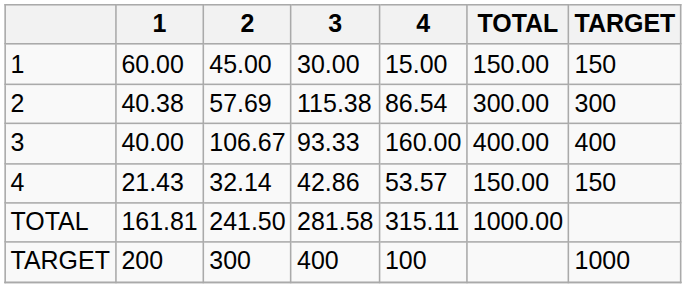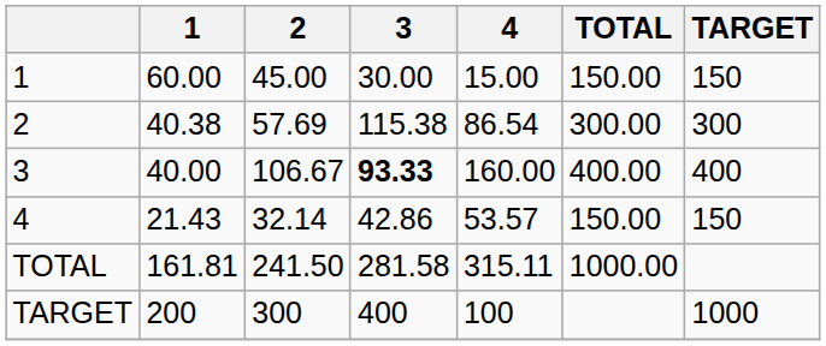 <table class="wikitable" style="margin:1em auto;">
 <tr>
 <th></th>
 <th>1</th>
 <th>2</th>
 <th>3</th>
 <th>4</th>
 <th>TOTAL</th>
 <th>TARGET</th>
 </tr>
 <tr>
 <td>1</td>
 <td>60.00</td>
 <td>45.00</td>
 <td>30.00</td>
 <td>15.00</td>
 <td>150.00</td>
 <td>150</td>
 </tr>
 <tr>
 <td>2</td>
 <td>40.38</td>
 <td>57.69</td>
 <td>115.38</td>
 <td>86.54</td>
 <td>300.00</td>
 <td>300</td>
 </tr>
 <tr>
 <td>3</td>
 <td>40.00</td>
 <td>106.67</td>
-<td>93.33</td>
+<td><strong>93.33</strong></td>
 <td>160.00</td>
 <td>400.00</td>
 <td>400</td>
 </tr>
 <tr>
 <td>4</td>
 <td>21.43</td>
 <td>32.14</td>
 <td>42.86</td>
 <td>53.57</td>
 <td>150.00</td>
 <td>150</td>
 </tr>
 <tr>
 <td>TOTAL</td>
 <td>161.81</td>
 <td>241.50</td>
 <td>281.58</td>
 <td>315.11</td>
 <td>1000.00</td>
 <td></td>
 </tr>
 <tr>
 <td>TARGET</td>
 <td>200</td>
 <td>300</td>
 <td>400</td>
 <td>100</td>
 <td></td>
 <td>1000</td>
 </tr>
 <tr>
 </tr>
 </table>
